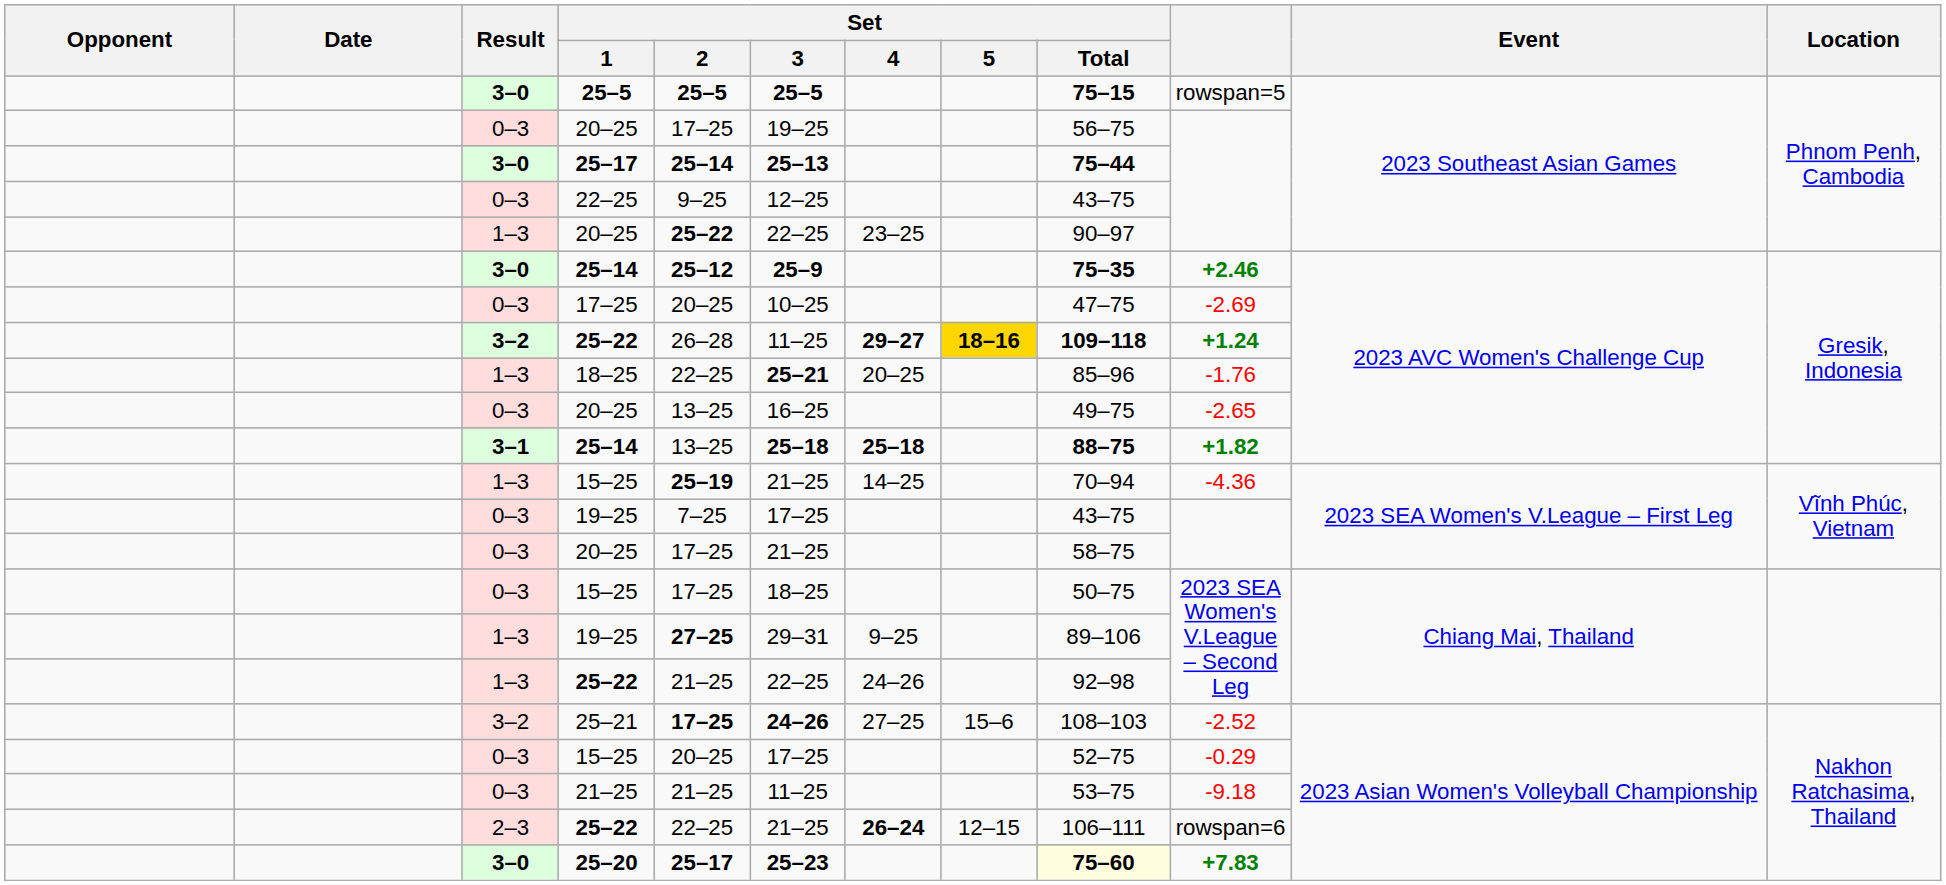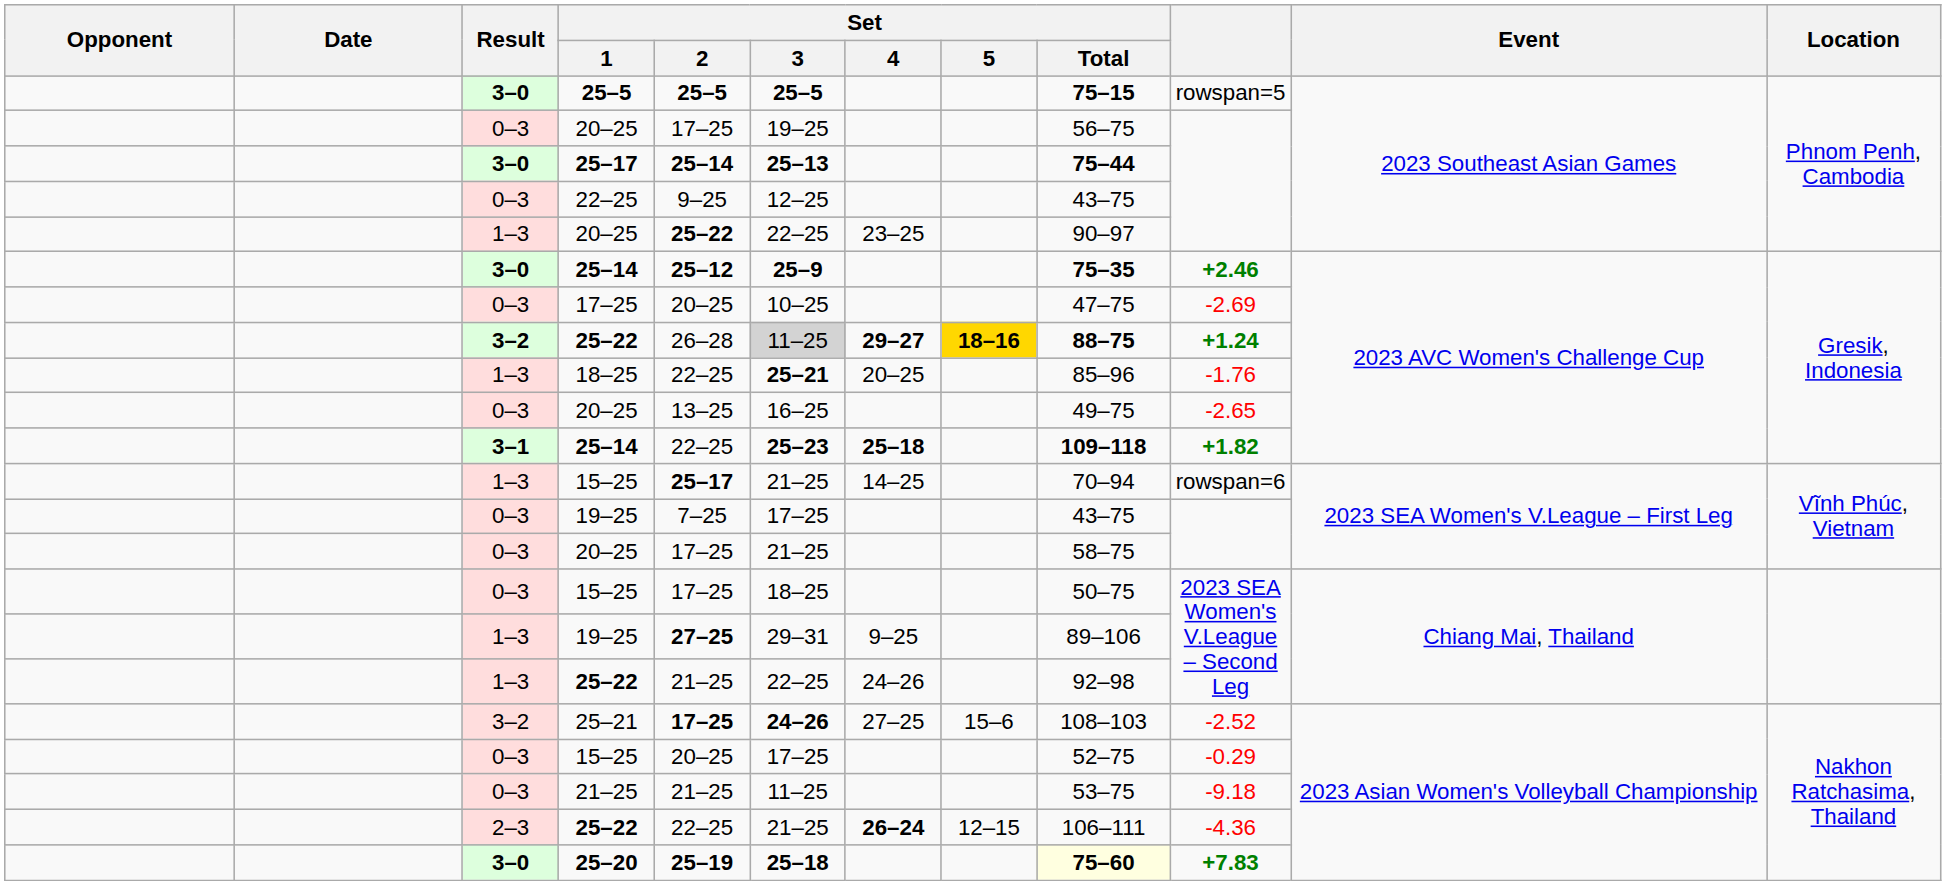 <table class="wikitable" style="font-size:90%; width=100%">
 <tr>
 <th rowspan=2 width=12%>Opponent</th>
 <th rowspan=2 width=12%>Date</th>
 <th rowspan=2 width=5%>Result</th>
 <th colspan=6>Set</th>
 <th rowspan=2 width=5%></th>
 <th rowspan=2 width=25%>Event</th>
 <th rowspan=2 width=15%>Location</th>
 </tr>
 <tr>
 <th width=5%>1</th>
 <th width=5%>2</th>
 <th width=5%>3</th>
 <th width=5%>4</th>
 <th width=5%>5</th>
 <th width=7%>Total</th>
 </tr>
 <tr style="text-align:center;">
 <td style="text-align:left;"></td>
 <td></td>
 <td style="background:#ddffdd;"><strong>3–0</strong></td>
 <td><strong>25–5</strong></td>
 <td><strong>25–5</strong></td>
 <td><strong>25–5</strong></td>
 <td></td>
 <td></td>
 <td><strong>75–15</strong></td>
 <td>rowspan=5 </td>
 <td rowspan=5><a href='#'>2023 Southeast Asian Games</a></td>
 <td rowspan=5><a href='#'>Phnom Penh</a>, <a href='#'>Cambodia</a></td>
 </tr>
 <tr style="text-align:center;">
 <td style="text-align:left;"></td>
 <td></td>
 <td style="background:#ffdddd;">0–3</td>
 <td>20–25</td>
 <td>17–25</td>
 <td>19–25</td>
 <td></td>
 <td></td>
 <td>56–75</td>
 </tr>
 <tr style="text-align:center;">
 <td style="text-align:left;"></td>
 <td></td>
 <td style="background:#ddffdd;"><strong>3–0</strong></td>
 <td><strong>25–17</strong></td>
 <td><strong>25–14</strong></td>
 <td><strong>25–13</strong></td>
 <td></td>
 <td></td>
 <td><strong>75–44</strong></td>
 </tr>
 <tr style="text-align:center;">
 <td style="text-align:left;"></td>
 <td></td>
 <td style="background:#ffdddd;">0–3</td>
 <td>22–25</td>
 <td>9–25</td>
 <td>12–25</td>
 <td></td>
 <td></td>
 <td>43–75</td>
 </tr>
 <tr style="text-align:center;">
 <td style="text-align:left;"></td>
 <td></td>
 <td style="background:#ffdddd;">1–3</td>
 <td>20–25</td>
 <td><strong>25–22</strong></td>
 <td>22–25</td>
 <td>23–25</td>
 <td></td>
 <td>90–97</td>
 </tr>
 <tr style="text-align:center;">
 <td style="text-align:left;"></td>
 <td></td>
 <td style="background:#ddffdd;"><strong>3–0</strong></td>
 <td><strong>25–14</strong></td>
 <td><strong>25–12</strong></td>
 <td><strong>25–9</strong></td>
 <td></td>
 <td></td>
 <td><strong>75–35</strong></td>
 <td style="color:green"><strong>+2.46</strong></td>
 <td rowspan=6><a href='#'>2023 AVC Women's Challenge Cup</a></td>
 <td rowspan=6><a href='#'>Gresik</a>, <a href='#'>Indonesia</a></td>
 </tr>
 <tr style="text-align:center;">
 <td style="text-align:left;"></td>
 <td></td>
 <td style="background:#ffdddd;">0–3</td>
 <td>17–25</td>
 <td>20–25</td>
 <td>10–25</td>
 <td></td>
 <td></td>
 <td>47–75</td>
 <td style="color:red">-2.69</td>
 </tr>
 <tr style="text-align:center;">
 <td style="text-align:left;"></td>
 <td></td>
 <td style="background:#ddffdd;"><strong>3–2</strong></td>
 <td><strong>25–22</strong></td>
 <td>26–28</td>
-<td>11–25</td>
+<td style="background: lightgrey;">11–25</td>
 <td><strong>29–27</strong></td>
 <td style="background: gold;"><strong>18–16</strong></td>
-<td><strong>109–118</strong></td>
+<td><strong>88–75</strong></td>
 <td style="color:green"><strong>+1.24</strong></td>
 </tr>
 <tr style="text-align:center;">
 <td style="text-align:left;"></td>
 <td></td>
 <td style="background:#ffdddd;">1–3</td>
 <td>18–25</td>
 <td>22–25</td>
 <td><strong>25–21</strong></td>
 <td>20–25</td>
 <td></td>
 <td>85–96</td>
 <td style="color:red">-1.76</td>
 </tr>
 <tr style="text-align:center;">
 <td style="text-align:left;"></td>
 <td></td>
 <td style="background:#ffdddd;">0–3</td>
 <td>20–25</td>
 <td>13–25</td>
 <td>16–25</td>
 <td></td>
 <td></td>
 <td>49–75</td>
 <td style="color:red">-2.65</td>
 </tr>
 <tr style="text-align:center;">
 <td style="text-align:left;"></td>
 <td></td>
 <td style="background:#ddffdd;"><strong>3–1</strong></td>
 <td><strong>25–14</strong></td>
-<td>13–25</td>
-<td><strong>25–18</strong></td>
+<td>22–25</td>
+<td><strong>25–23</strong></td>
 <td><strong>25–18</strong></td>
 <td></td>
-<td><strong>88–75</strong></td>
+<td><strong>109–118</strong></td>
 <td style="color:green"><strong>+1.82</strong></td>
 </tr>
 <tr style="text-align:center;">
 <td style="text-align:left;"></td>
 <td></td>
 <td style="background:#ffdddd;">1–3</td>
 <td>15–25</td>
-<td><strong>25–19</strong></td>
+<td><strong>25–17</strong></td>
 <td>21–25</td>
 <td>14–25</td>
 <td></td>
 <td>70–94</td>
-<td style="color:red">-4.36</td>
+<td>rowspan=6 </td>
 <td rowspan=3><a href='#'>2023 SEA Women's V.League – First Leg</a></td>
 <td rowspan=3><a href='#'>Vĩnh Phúc</a>, <a href='#'>Vietnam</a></td>
 </tr>
 <tr style="text-align:center;">
 <td style="text-align:left;"></td>
 <td></td>
 <td style="background:#ffdddd;">0–3</td>
 <td>19–25</td>
 <td>7–25</td>
 <td>17–25</td>
 <td></td>
 <td></td>
 <td>43–75</td>
 </tr>
 <tr style="text-align:center;">
 <td style="text-align:left;"></td>
 <td></td>
 <td style="background:#ffdddd;">0–3</td>
 <td>20–25</td>
 <td>17–25</td>
 <td>21–25</td>
 <td></td>
 <td></td>
 <td>58–75</td>
 </tr>
 <tr style="text-align:center;">
 <td style="text-align:left;"></td>
 <td></td>
 <td style="background:#ffdddd;">0–3</td>
 <td>15–25</td>
 <td>17–25</td>
 <td>18–25</td>
 <td></td>
 <td></td>
 <td>50–75</td>
 <td rowspan=3><a href='#'>2023 SEA Women's V.League – Second Leg</a></td>
 <td rowspan=3><a href='#'>Chiang Mai</a>, <a href='#'>Thailand</a></td>
 </tr>
 <tr style="text-align:center;">
 <td style="text-align:left;"></td>
 <td></td>
 <td style="background:#ffdddd;">1–3</td>
 <td>19–25</td>
 <td><strong>27–25</strong></td>
 <td>29–31</td>
 <td>9–25</td>
 <td></td>
 <td>89–106</td>
 </tr>
 <tr style="text-align:center;">
 <td style="text-align:left;"></td>
 <td></td>
 <td style="background:#ffdddd;">1–3</td>
 <td><strong>25–22</strong></td>
 <td>21–25</td>
 <td>22–25</td>
 <td>24–26</td>
 <td></td>
 <td>92–98</td>
 </tr>
 <tr style="text-align:center;">
 <td style="text-align:left;"></td>
 <td></td>
 <td style="background:#ffdddd;">3–2</td>
 <td>25–21</td>
 <td><strong>17–25</strong></td>
 <td><strong>24–26</strong></td>
 <td>27–25</td>
 <td>15–6</td>
 <td>108–103</td>
 <td style="color:red">-2.52</td>
 <td rowspan=5><a href='#'>2023 Asian Women's Volleyball Championship</a></td>
 <td rowspan=5><a href='#'>Nakhon Ratchasima</a>, <a href='#'>Thailand</a></td>
 </tr>
 <tr style="text-align:center;">
 <td style="text-align:left;"></td>
 <td></td>
 <td style="background:#ffdddd;">0–3</td>
 <td>15–25</td>
 <td>20–25</td>
 <td>17–25</td>
 <td></td>
 <td></td>
 <td>52–75</td>
 <td style="color:red">-0.29</td>
 </tr>
 <tr style="text-align:center;">
 <td style="text-align:left;"></td>
 <td></td>
 <td style="background:#ffdddd;">0–3</td>
 <td>21–25</td>
 <td>21–25</td>
 <td>11–25</td>
 <td></td>
 <td></td>
 <td>53–75</td>
 <td style="color:red">-9.18</td>
 </tr>
 <tr style="text-align:center;">
 <td style="text-align:left;"></td>
 <td></td>
 <td style="background:#ffdddd;">2–3</td>
 <td><strong>25–22</strong></td>
 <td>22–25</td>
 <td>21–25</td>
 <td><strong>26–24</strong></td>
 <td>12–15</td>
 <td>106–111</td>
-<td>rowspan=6 </td>
+<td style="color:red">-4.36</td>
 </tr>
 <tr style="text-align:center;">
 <td style="text-align:left;"></td>
 <td></td>
 <td style="background:#ddffdd;"><strong>3–0</strong></td>
 <td><strong>25–20</strong></td>
-<td><strong>25–17</strong></td>
-<td><strong>25–23</strong></td>
+<td><strong>25–19</strong></td>
+<td><strong>25–18</strong></td>
 <td></td>
 <td></td>
 <td style="background: lightyellow;"><strong>75–60</strong></td>
 <td style="color:green"><strong>+7.83</strong></td>
 </tr>
 </table>
